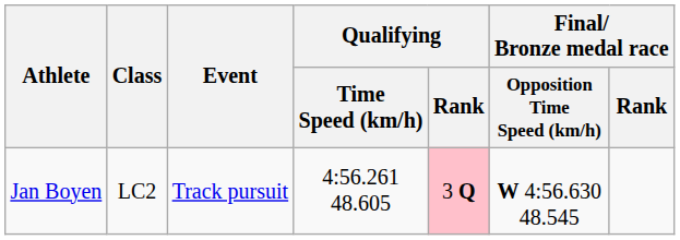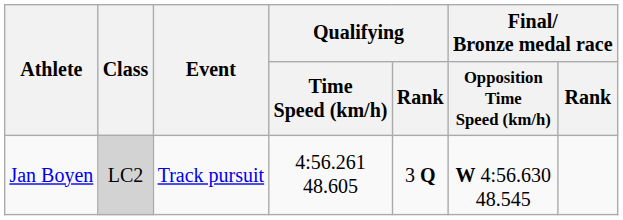 <table class=wikitable style="font-size:90%">
 <tr>
 <th rowspan="2">Athlete</th>
 <th rowspan="2">Class</th>
 <th rowspan="2">Event</th>
 <th colspan="2">Qualifying</th>
 <th colspan="2">Final/<br>Bronze medal race</th>
 </tr>
 <tr>
 <th>Time<br>Speed (km/h)</th>
 <th>Rank</th>
 <th style="line-height:1em"><small>Opposition<br>Time<br>Speed (km/h)</small></th>
 <th>Rank</th>
 </tr>
 <tr>
 <td><a href='#'>Jan Boyen</a></td>
-<td align="center">LC2</td>
+<td align="center" style="background: lightgrey;">LC2</td>
 <td><a href='#'>Track pursuit</a></td>
 <td align="center">4:56.261<br>48.605</td>
-<td align="center" style="background: pink;">3 <strong>Q</strong></td>
+<td align="center">3 <strong>Q</strong></td>
 <td align="center"><br><strong>W</strong> 4:56.630<br>48.545</td>
 <td align="center"></td>
 </tr>
 </table>
